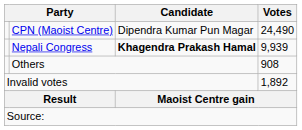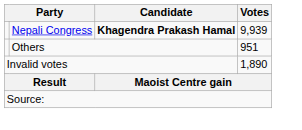 <table class="wikitable">
 <tr>
 <th colspan="2">Party</th>
 <th>Candidate</th>
 <th>Votes</th>
-</tr>
-<tr>
-<td style="background-color:"></td>
-<td><a href='#'>CPN (Maoist Centre)</a></td>
-<td>Dipendra Kumar Pun Magar</td>
-<td>24,490</td>
 </tr>
 <tr>
 <td style="background-color:"></td>
 <td><a href='#'>Nepali Congress</a></td>
 <td><strong>Khagendra Prakash Hamal</strong></td>
 <td>9,939</td>
 </tr>
 <tr>
 <td></td>
 <td colspan="2">Others</td>
-<td>908</td>
+<td>951</td>
 </tr>
 <tr>
 <td colspan="3">Invalid votes</td>
-<td>1,892</td>
+<td>1,890</td>
 </tr>
 <tr>
 <th colspan="2">Result</th>
 <th colspan="2">Maoist Centre gain</th>
 </tr>
 <tr>
 <td colspan="4">Source: </td>
 </tr>
 </table>
